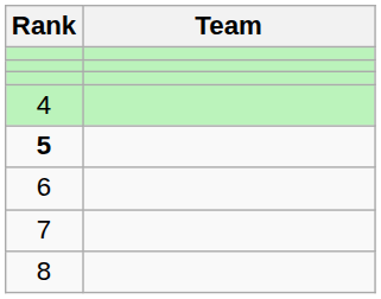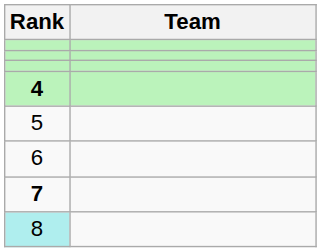 <table class="wikitable">
 <tr>
 <th>Rank</th>
 <th style="width:170px;">Team</th>
 </tr>
 <tr style="background:#bbf3bb;">
 <td align=center></td>
 <td></td>
 </tr>
 <tr style="background:#bbf3bb;">
 <td align=center></td>
 <td></td>
 </tr>
 <tr style="background:#bbf3bb;">
 <td align=center></td>
 <td></td>
 </tr>
 <tr style="background:#bbf3bb;">
-<td align=center>4</td>
+<td align=center><strong>4</strong></td>
 <td></td>
 </tr>
 <tr>
-<td align=center><strong>5</strong></td>
+<td align=center>5</td>
 <td></td>
 </tr>
 <tr>
 <td align=center>6</td>
 <td></td>
 </tr>
 <tr>
-<td align=center>7</td>
+<td align=center><strong>7</strong></td>
 <td></td>
 </tr>
 <tr>
-<td align=center>8</td>
+<td align=center style="background: paleturquoise;">8</td>
 <td></td>
 </tr>
 </table>
